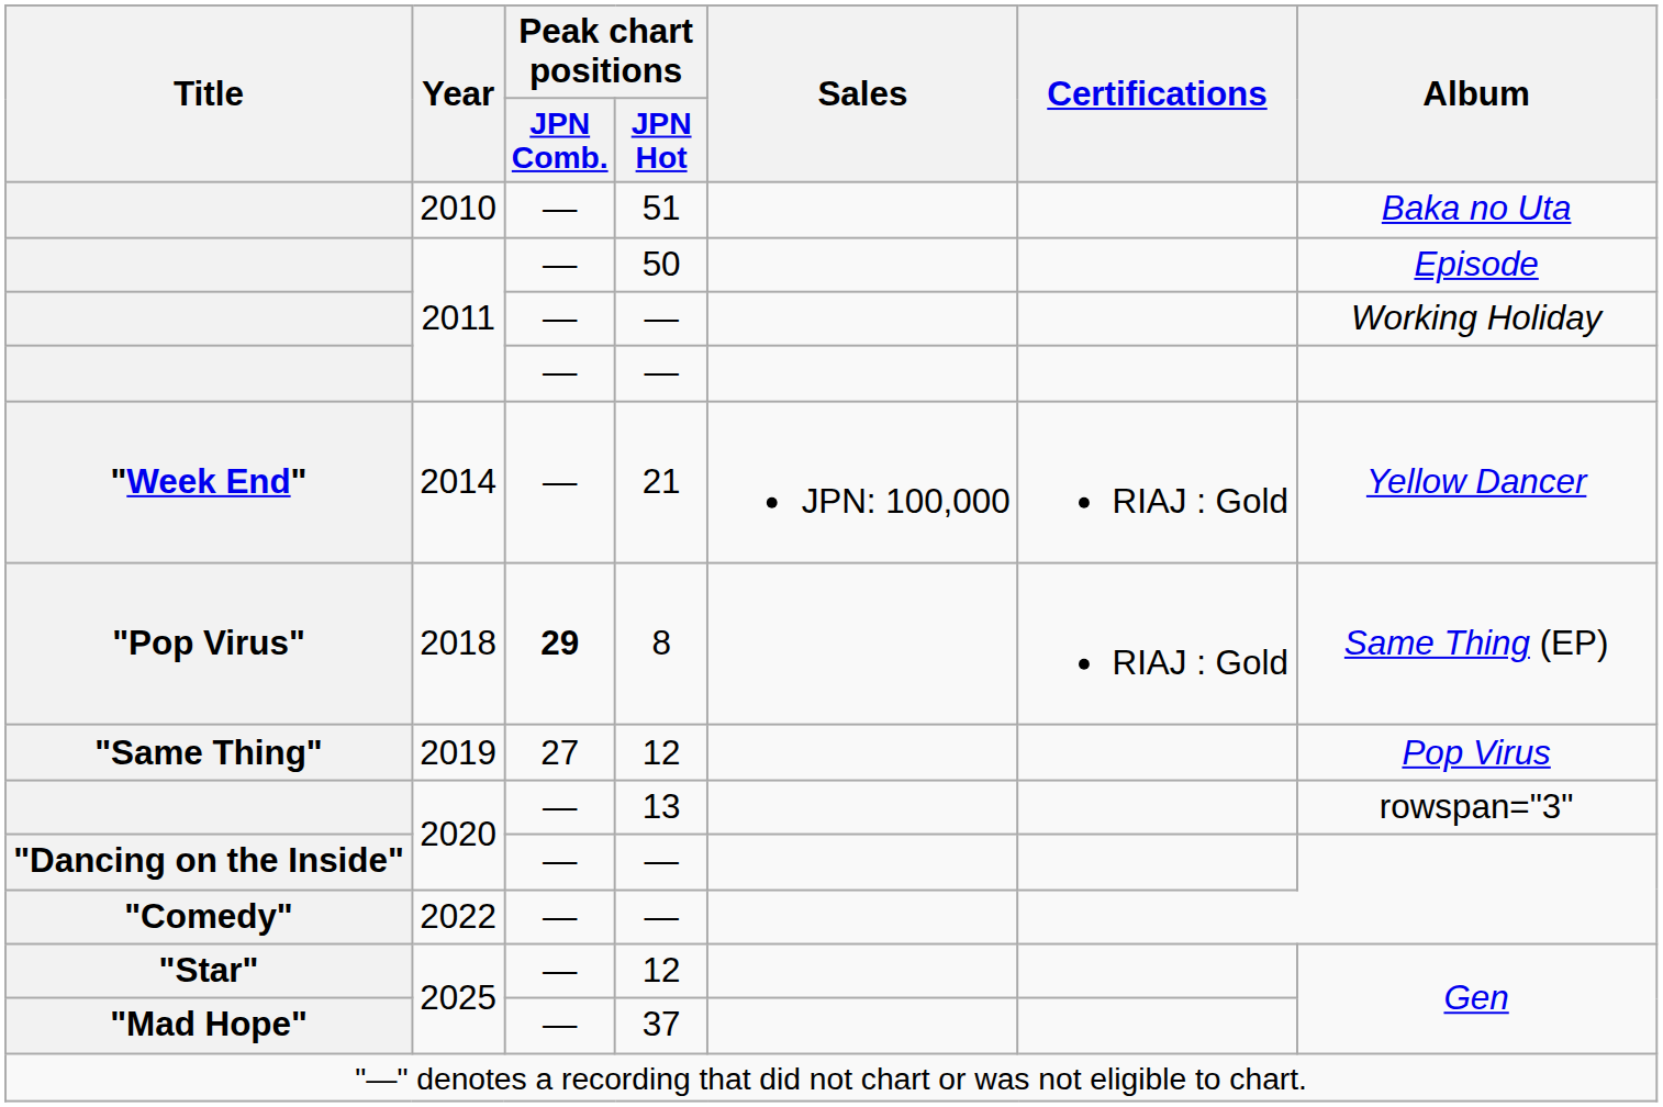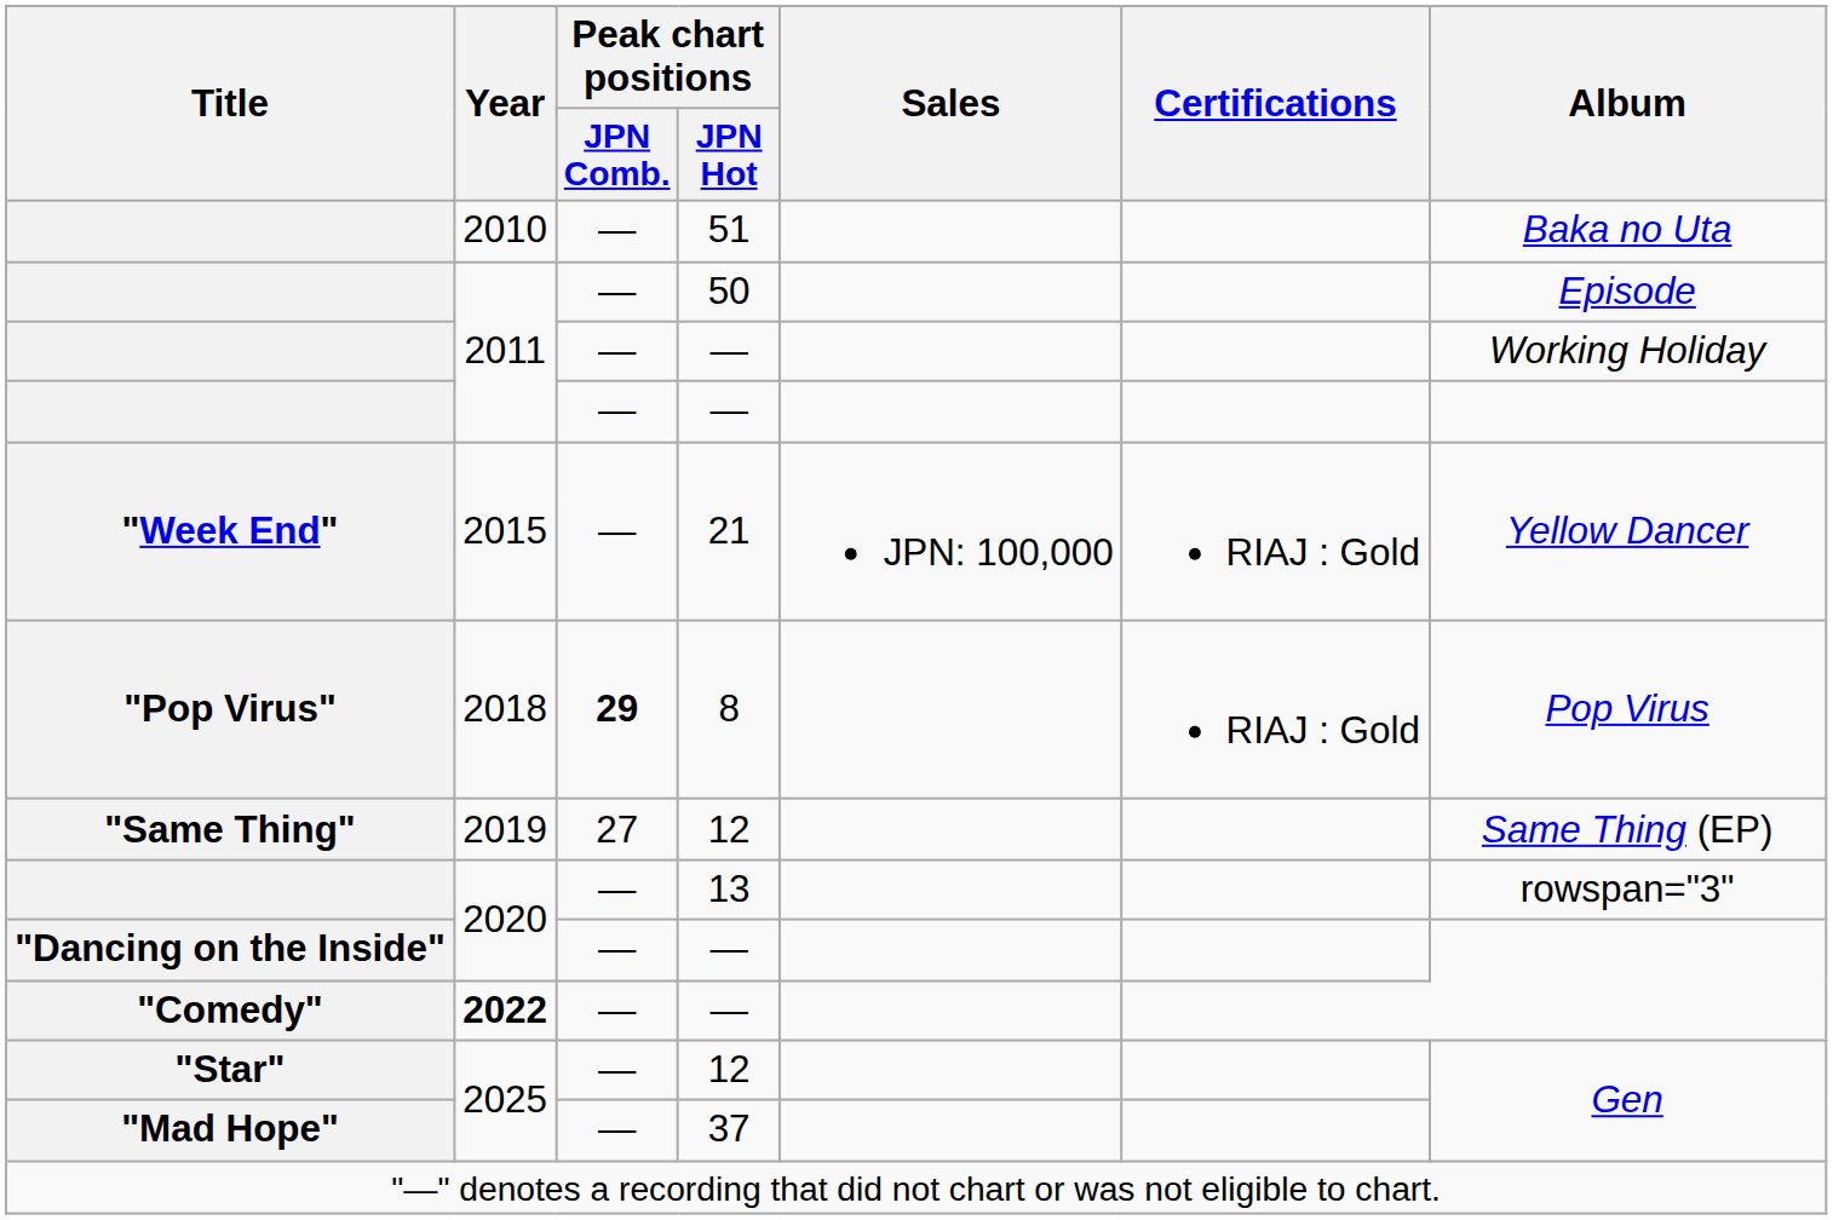 <table class="wikitable plainrowheaders" style="text-align:center;">
 <tr>
 <th scope="col" rowspan="2">Title</th>
 <th scope="col" rowspan="2" style="width:1em;">Year</th>
 <th scope="colgroup" colspan="2">Peak chart positions</th>
 <th scope="col" rowspan="2" style="width:;">Sales</th>
 <th scope="col" rowspan="2" style="width:;"><a href='#'>Certifications</a></th>
 <th scope="col" rowspan="2" style="width:10em;">Album</th>
 </tr>
 <tr>
 <th scope="col" style="width:2.5em;font-size:90%;"><a href='#'>JPN<br>Comb.</a><br></th>
 <th scope="col" style="width:2.5em;font-size:90%;"><a href='#'>JPN<br>Hot</a><br></th>
 </tr>
 <tr>
 <th scope="row"></th>
 <td>2010</td>
 <td>—</td>
 <td>51</td>
 <td></td>
 <td></td>
 <td><em><a href='#'>Baka no Uta</a></em></td>
 </tr>
 <tr>
 <th scope="row"></th>
 <td rowspan="3">2011</td>
 <td>—</td>
 <td>50</td>
 <td></td>
 <td></td>
 <td><em><a href='#'>Episode</a></em></td>
 </tr>
 <tr>
 <th scope="row"><br></th>
 <td>—</td>
 <td>—</td>
 <td></td>
 <td></td>
 <td><em>Working Holiday</em></td>
 </tr>
 <tr>
 <th scope="row"></th>
 <td>—</td>
 <td>—</td>
 <td></td>
 <td></td>
 <td></td>
 </tr>
 <tr>
 <th scope="row">"<a href='#'>Week End</a>"</th>
-<td>2014</td>
+<td>2015</td>
 <td>—</td>
 <td>21</td>
 <td><br><ul><li>JPN: 100,000</li></ul></td>
 <td><br><ul><li>RIAJ : Gold</li></ul></td>
 <td><em><a href='#'>Yellow Dancer</a></em></td>
 </tr>
 <tr>
 <th scope="row">"Pop Virus"</th>
 <td>2018</td>
 <td><strong>29</strong></td>
 <td>8</td>
 <td></td>
 <td><br><ul><li>RIAJ : Gold</li></ul></td>
-<td><em><a href='#'>Same Thing</a></em> (EP)</td>
+<td><em><a href='#'>Pop Virus</a></em></td>
 </tr>
 <tr>
 <th scope="row">"Same Thing"<br></th>
 <td>2019</td>
 <td>27</td>
 <td>12</td>
 <td></td>
 <td></td>
-<td><em><a href='#'>Pop Virus</a></em></td>
+<td><em><a href='#'>Same Thing</a></em> (EP)</td>
 </tr>
 <tr>
 <th scope="row"></th>
 <td rowspan="2">2020</td>
 <td>—</td>
 <td>13</td>
 <td></td>
 <td></td>
 <td>rowspan="3" </td>
 </tr>
 <tr>
 <th scope="row">"Dancing on the Inside"<br></th>
 <td>—</td>
 <td>—</td>
 <td></td>
 <td></td>
 </tr>
 <tr>
 <th scope="row">"Comedy"<br></th>
-<td>2022</td>
+<td><strong>2022</strong></td>
 <td>—</td>
 <td>—</td>
 <td></td>
 </tr>
 <tr>
 <th scope="row">"Star"</th>
 <td rowspan="2">2025</td>
 <td>—</td>
 <td>12</td>
 <td></td>
 <td></td>
 <td rowspan="2"><em><a href='#'>Gen</a></em></td>
 </tr>
 <tr>
 <th scope="row">"Mad Hope"<br></th>
 <td>—</td>
 <td>37</td>
 <td></td>
 <td></td>
 </tr>
 <tr>
 <td colspan="12" style="font-size:90%">"—" denotes a recording that did not chart or was not eligible to chart.</td>
 </tr>
 </table>
